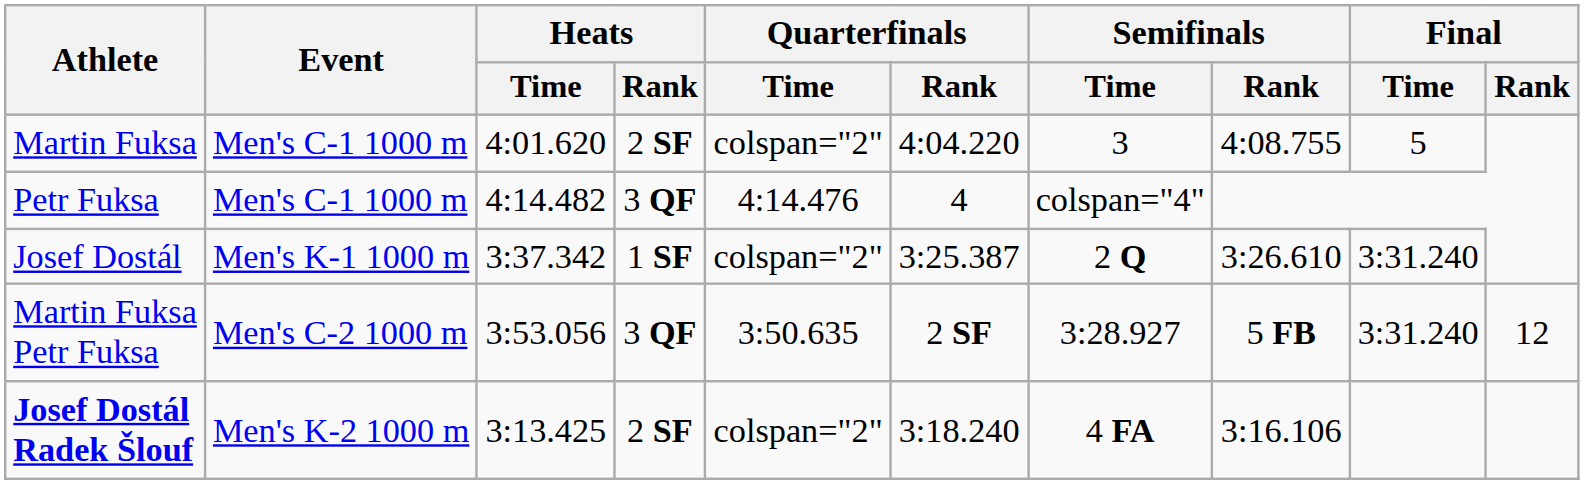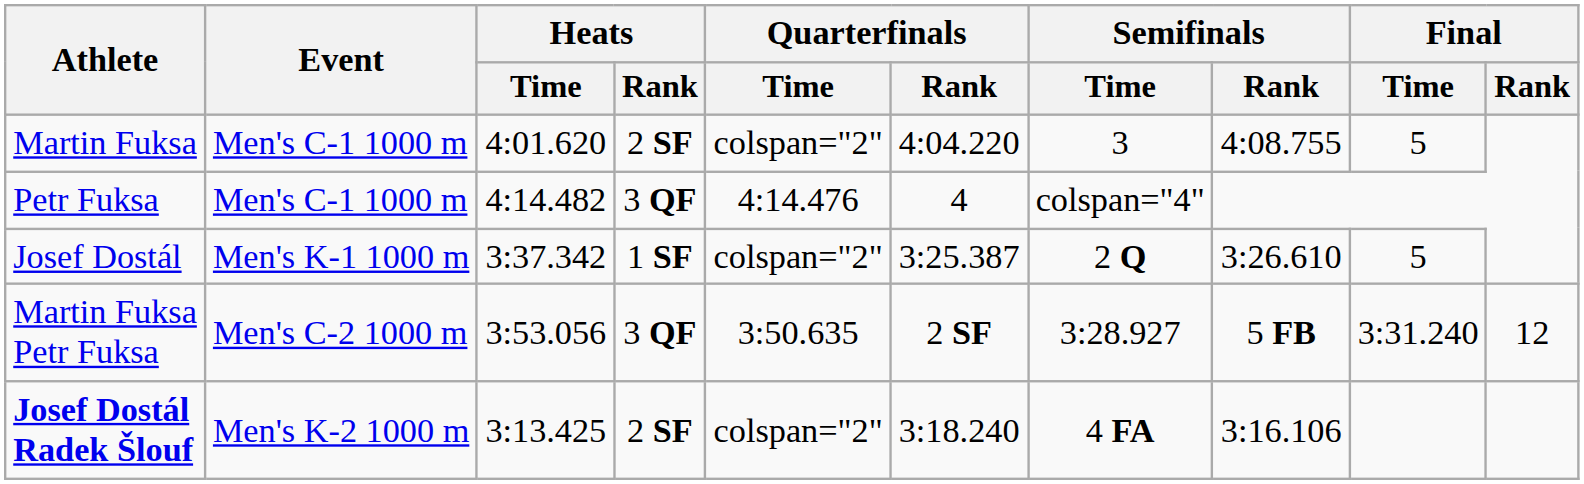 <table class=wikitable style="font-size:90%">
 <tr>
 <th rowspan="2">Athlete</th>
 <th rowspan="2">Event</th>
 <th colspan=2>Heats</th>
 <th colspan=2>Quarterfinals</th>
 <th colspan=2>Semifinals</th>
 <th colspan=2>Final</th>
 </tr>
 <tr style="font-size:95%">
 <th>Time</th>
 <th>Rank</th>
 <th>Time</th>
 <th>Rank</th>
 <th>Time</th>
 <th>Rank</th>
 <th>Time</th>
 <th>Rank</th>
 </tr>
 <tr align=center>
 <td align=left><a href='#'>Martin Fuksa</a></td>
 <td align=left><a href='#'>Men's C-1 1000 m</a></td>
 <td>4:01.620</td>
 <td>2 <strong>SF</strong></td>
 <td>colspan="2" </td>
 <td>4:04.220</td>
 <td>3</td>
 <td>4:08.755</td>
 <td>5</td>
 </tr>
 <tr align=center>
 <td align=left><a href='#'>Petr Fuksa</a></td>
 <td align=left><a href='#'>Men's C-1 1000 m</a></td>
 <td>4:14.482</td>
 <td>3 <strong>QF</strong></td>
 <td>4:14.476</td>
 <td>4</td>
 <td>colspan="4" </td>
 </tr>
 <tr align=center>
 <td align=left><a href='#'>Josef Dostál</a></td>
 <td align=left><a href='#'>Men's K-1 1000 m</a></td>
 <td>3:37.342</td>
 <td>1 <strong>SF</strong></td>
 <td>colspan="2" </td>
 <td>3:25.387</td>
 <td>2 <strong>Q</strong></td>
 <td>3:26.610</td>
-<td>3:31.240</td>
+<td>5</td>
 </tr>
 <tr align=center>
 <td align=left><a href='#'>Martin Fuksa</a><br><a href='#'>Petr Fuksa</a></td>
 <td align=left><a href='#'>Men's C-2 1000 m</a></td>
 <td>3:53.056</td>
 <td>3 <strong>QF</strong></td>
 <td>3:50.635</td>
 <td>2 <strong>SF</strong></td>
 <td>3:28.927</td>
 <td>5 <strong>FB</strong></td>
 <td>3:31.240</td>
 <td>12</td>
 </tr>
 <tr align=center>
 <td align=left><strong><a href='#'>Josef Dostál</a><br><a href='#'>Radek Šlouf</a></strong></td>
 <td align=left><a href='#'>Men's K-2 1000 m</a></td>
 <td>3:13.425</td>
 <td>2 <strong>SF</strong></td>
 <td>colspan="2" </td>
 <td>3:18.240</td>
 <td>4 <strong>FA</strong></td>
 <td>3:16.106</td>
 <td></td>
 </tr>
 </table>
